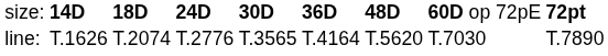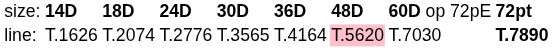 <table style="margin-left:40px;">
 <tr>
 <td>size:</td>
 <td><strong>14D</strong></td>
 <td><strong>18D</strong></td>
 <td><strong>24D</strong></td>
 <td><strong>30D</strong></td>
 <td><strong>36D</strong></td>
 <td><strong>48D</strong></td>
 <td><strong>60D</strong> op 72pE</td>
 <td><strong>72pt</strong></td>
 </tr>
 <tr>
 <td>line:</td>
 <td>T.1626</td>
 <td>T.2074</td>
 <td>T.2776</td>
 <td>T.3565</td>
 <td>T.4164</td>
-<td>T.5620</td>
+<td style="background: pink;">T.5620</td>
 <td>T.7030</td>
-<td>T.7890</td>
+<td><strong>T.7890</strong></td>
 </tr>
 </table>
